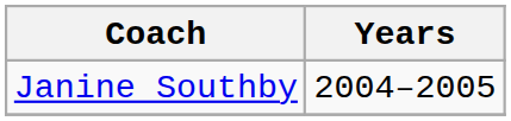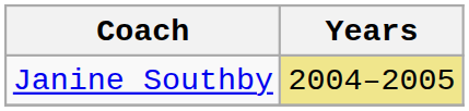 <table class="wikitable collapsible">
 <tr>
 <th>Coach</th>
 <th>Years</th>
 </tr>
 <tr>
 <td><a href='#'>Janine Southby</a></td>
-<td>2004–2005</td>
+<td style="background: khaki;">2004–2005</td>
 </tr>
 <tr>
 </tr>
 </table>
